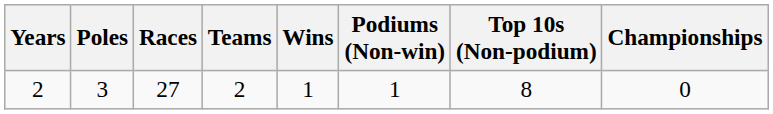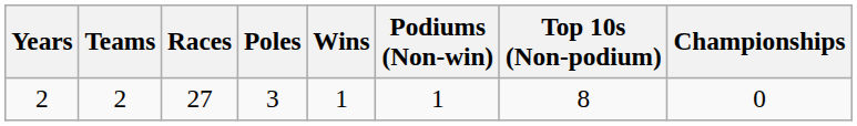 <table class="wikitable" style="text-align:center; font-size:95%">
 <tr>
 <th>Years</th>
+<th>Teams</th>
+<th>Races</th>
 <th>Poles</th>
-<th>Races</th>
-<th>Teams</th>
 <th>Wins</th>
 <th>Podiums<br>(Non-win)</th>
 <th>Top 10s<br>(Non-podium)</th>
 <th>Championships</th>
 </tr>
 <tr>
 <td>2</td>
+<td>2</td>
+<td>27</td>
 <td>3</td>
-<td>27</td>
-<td>2</td>
 <td>1</td>
 <td>1</td>
 <td>8</td>
 <td>0</td>
 </tr>
 </table>
